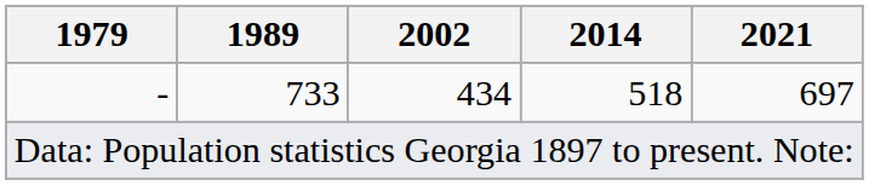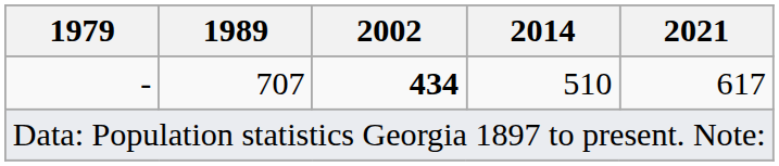 <table class="wikitable" style="text-align:right">
 <tr>
 <th>1979</th>
 <th>1989</th>
 <th>2002</th>
 <th>2014</th>
 <th>2021</th>
 </tr>
 <tr>
 <td>-</td>
-<td>733</td>
-<td> 434</td>
-<td> 518</td>
-<td> 697</td>
+<td>707</td>
+<td><strong> 434</strong></td>
+<td> 510</td>
+<td> 617</td>
 </tr>
 <tr>
 <td colspan=15 class="wikitable" style="align:left;text-align:left;background-color:#eaecf0">Data: Population statistics Georgia 1897 to present. Note:</td>
 </tr>
 </table>
